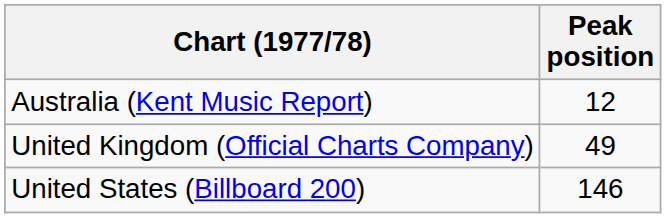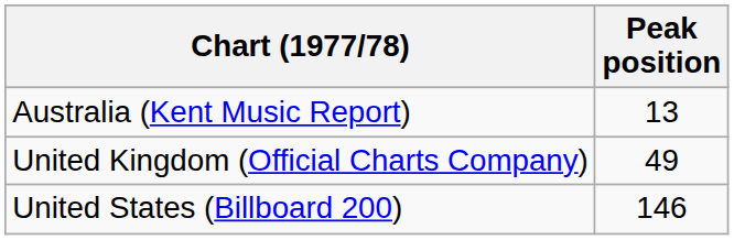 <table class="wikitable">
 <tr>
 <th scope="col">Chart (1977/78)</th>
 <th>Peak<br>position</th>
 </tr>
 <tr>
 <td>Australia (<a href='#'>Kent Music Report</a>)</td>
-<td style="text-align:center;">12</td>
+<td style="text-align:center;">13</td>
 </tr>
 <tr>
 <td>United Kingdom (<a href='#'>Official Charts Company</a>)</td>
 <td style="text-align:center;">49</td>
 </tr>
 <tr>
 <td>United States (<a href='#'>Billboard 200</a>)</td>
 <td style="text-align:center;">146</td>
 </tr>
 </table>
